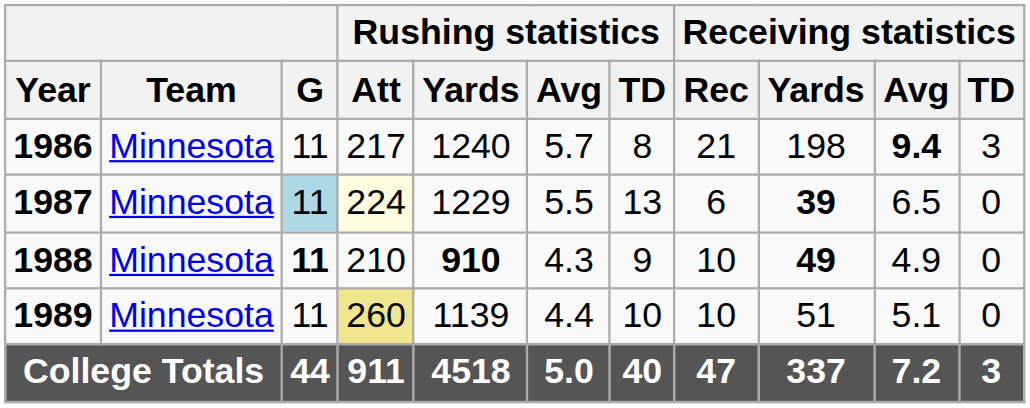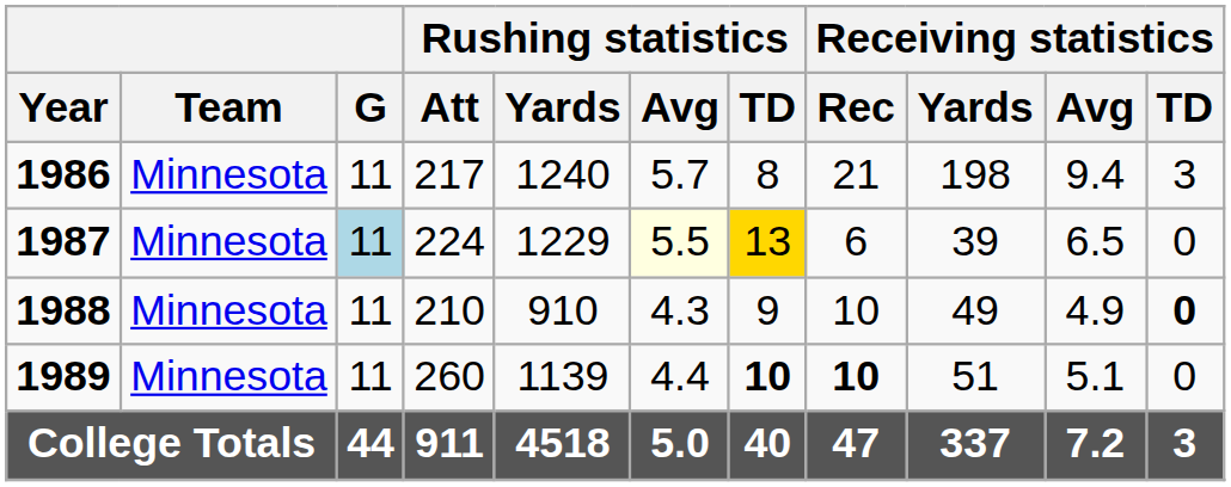 <table class="wikitable sortable" style="text-align:center;">
 <tr>
 <th colspan=3></th>
 <th colspan=4>Rushing statistics</th>
 <th colspan =4>Receiving statistics</th>
 </tr>
 <tr>
 <th>Year</th>
 <th>Team</th>
 <th>G</th>
 <th>Att</th>
 <th>Yards</th>
 <th>Avg</th>
 <th>TD</th>
 <th>Rec</th>
 <th>Yards</th>
 <th>Avg</th>
 <th>TD</th>
 </tr>
 <tr>
 <td><strong>1986</strong></td>
 <td><a href='#'>Minnesota</a></td>
 <td>11</td>
 <td>217</td>
 <td>1240</td>
 <td>5.7</td>
 <td>8</td>
 <td>21</td>
 <td>198</td>
-<td><strong>9.4</strong></td>
+<td>9.4</td>
 <td>3</td>
 </tr>
 <tr>
 <td><strong>1987</strong></td>
 <td><a href='#'>Minnesota</a></td>
 <td style="background: lightblue;">11</td>
-<td style="background: lightyellow;">224</td>
+<td>224</td>
 <td>1229</td>
-<td>5.5</td>
-<td>13</td>
+<td style="background: lightyellow;">5.5</td>
+<td style="background: gold;">13</td>
 <td>6</td>
-<td><strong>39</strong></td>
+<td>39</td>
 <td>6.5</td>
 <td>0</td>
 </tr>
 <tr>
 <td><strong>1988</strong></td>
 <td><a href='#'>Minnesota</a></td>
-<td><strong>11</strong></td>
+<td>11</td>
 <td>210</td>
-<td><strong>910</strong></td>
+<td>910</td>
 <td>4.3</td>
 <td>9</td>
 <td>10</td>
-<td><strong>49</strong></td>
+<td>49</td>
 <td>4.9</td>
-<td>0</td>
+<td><strong>0</strong></td>
 </tr>
 <tr>
 <td><strong>1989</strong></td>
 <td><a href='#'>Minnesota</a></td>
 <td>11</td>
-<td style="background: khaki;">260</td>
+<td>260</td>
 <td>1139</td>
 <td>4.4</td>
-<td>10</td>
-<td>10</td>
+<td><strong>10</strong></td>
+<td><strong>10</strong></td>
 <td>51</td>
 <td>5.1</td>
 <td>0</td>
 </tr>
 <tr style="background:#555555;font-weight:bold;color:white;">
 <td colspan=2>College Totals</td>
 <td>44</td>
 <td>911</td>
 <td>4518</td>
 <td>5.0</td>
 <td>40</td>
 <td>47</td>
 <td>337</td>
 <td>7.2</td>
 <td>3</td>
 </tr>
 <tr>
 </tr>
 </table>
